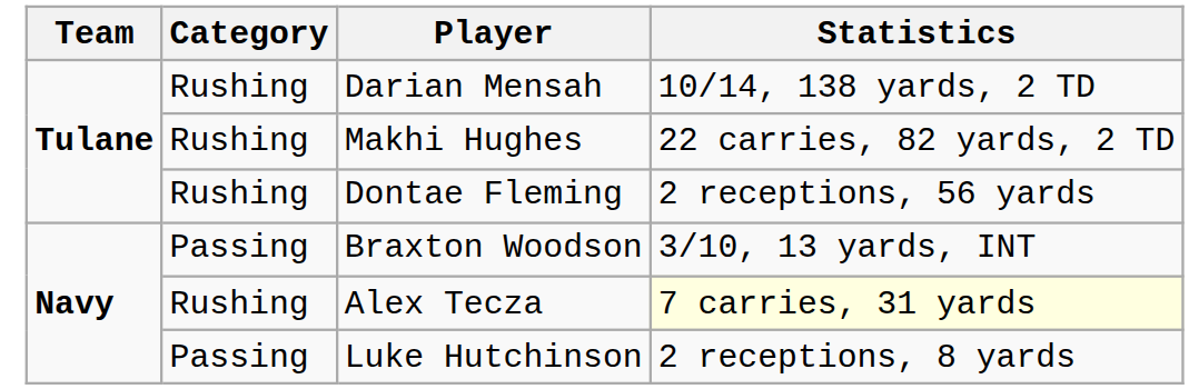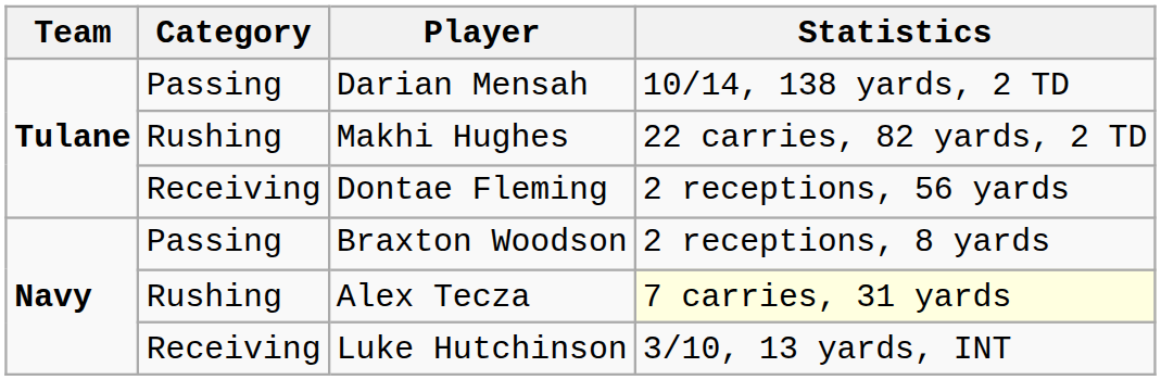 <table class="wikitable" style="float: right;">
 <tr>
 <th>Team</th>
 <th>Category</th>
 <th>Player</th>
 <th>Statistics</th>
 </tr>
 <tr>
 <td rowspan=3><strong>Tulane</strong></td>
-<td>Rushing</td>
+<td>Passing</td>
 <td>Darian Mensah</td>
 <td>10/14, 138 yards, 2 TD</td>
 </tr>
 <tr>
 <td>Rushing</td>
 <td>Makhi Hughes</td>
 <td>22 carries, 82 yards, 2 TD</td>
 </tr>
 <tr>
-<td>Rushing</td>
+<td>Receiving</td>
 <td>Dontae Fleming</td>
 <td>2 receptions, 56 yards</td>
 </tr>
 <tr>
 <td rowspan=3><strong>Navy</strong></td>
 <td>Passing</td>
 <td>Braxton Woodson</td>
-<td>3/10, 13 yards, INT</td>
+<td>2 receptions, 8 yards</td>
 </tr>
 <tr>
 <td>Rushing</td>
 <td>Alex Tecza</td>
 <td style="background: lightyellow;">7 carries, 31 yards</td>
 </tr>
 <tr>
-<td>Passing</td>
+<td>Receiving</td>
 <td>Luke Hutchinson</td>
-<td>2 receptions, 8 yards</td>
+<td>3/10, 13 yards, INT</td>
 </tr>
 </table>
